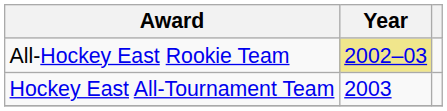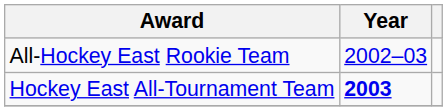 <table class="wikitable">
 <tr>
 <th>Award</th>
 <th>Year</th>
 <th></th>
 </tr>
 <tr>
 <td>All-<a href='#'>Hockey East</a> <a href='#'>Rookie Team</a></td>
-<td style="background: khaki;"><a href='#'>2002–03</a></td>
+<td><a href='#'>2002–03</a></td>
 <td></td>
 </tr>
 <tr>
 <td><a href='#'>Hockey East</a> <a href='#'>All-Tournament Team</a></td>
-<td><a href='#'>2003</a></td>
+<td><strong><a href='#'>2003</a></strong></td>
 <td></td>
 </tr>
 <tr>
 </tr>
 </table>
